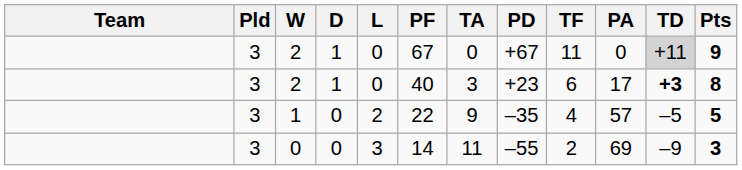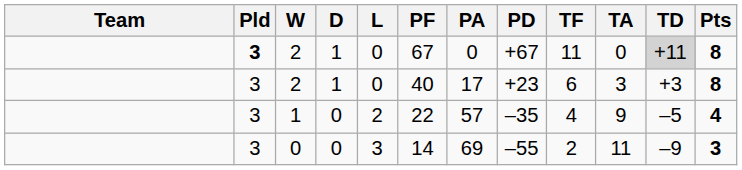 <table class="wikitable" style="text-align:center;">
 <tr>
 <th width=175>Team</th>
 <th width=25>Pld</th>
 <th width=25>W</th>
 <th width=25>D</th>
 <th width=25>L</th>
 <th width=32>PF</th>
-<th width=32>TA</th>
+<th width=32>PA</th>
 <th width=32>PD</th>
 <th width=32>TF</th>
-<th width=32>PA</th>
+<th width=32>TA</th>
 <th width=32>TD</th>
 <th width=25>Pts</th>
 </tr>
 <tr>
 <td align="left"></td>
-<td>3</td>
+<td><strong>3</strong></td>
 <td>2</td>
 <td>1</td>
 <td>0</td>
 <td>67</td>
 <td>0</td>
 <td>+67</td>
 <td>11</td>
 <td>0</td>
 <td style="background: lightgrey;">+11</td>
-<td><strong>9</strong></td>
+<td><strong>8</strong></td>
 </tr>
 <tr>
 <td align="left"></td>
 <td>3</td>
 <td>2</td>
 <td>1</td>
 <td>0</td>
 <td>40</td>
-<td>3</td>
+<td>17</td>
 <td>+23</td>
 <td>6</td>
-<td>17</td>
-<td><strong>+3</strong></td>
+<td>3</td>
+<td>+3</td>
 <td><strong>8</strong></td>
 </tr>
 <tr>
 <td align="left"></td>
 <td>3</td>
 <td>1</td>
 <td>0</td>
 <td>2</td>
 <td>22</td>
-<td>9</td>
+<td>57</td>
 <td>–35</td>
 <td>4</td>
-<td>57</td>
+<td>9</td>
 <td>–5</td>
-<td><strong>5</strong></td>
+<td><strong>4</strong></td>
 </tr>
 <tr>
 <td align="left"></td>
 <td>3</td>
 <td>0</td>
 <td>0</td>
 <td>3</td>
 <td>14</td>
-<td>11</td>
+<td>69</td>
 <td>–55</td>
 <td>2</td>
-<td>69</td>
+<td>11</td>
 <td>–9</td>
 <td><strong>3</strong></td>
 </tr>
 </table>
